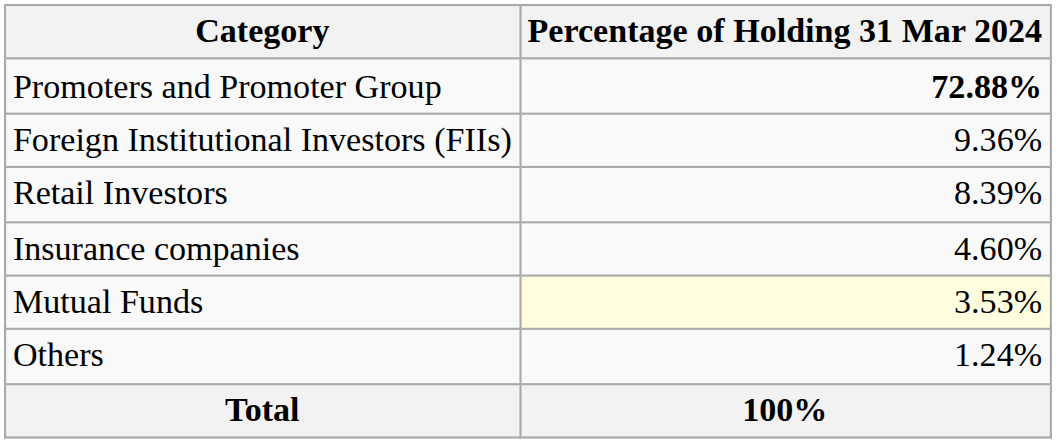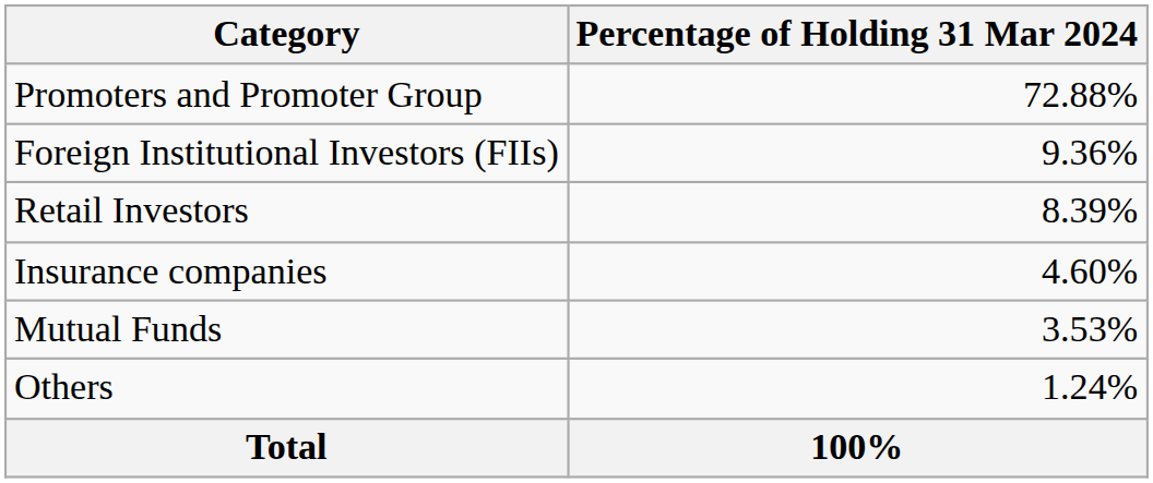 <table class="wikitable">
 <tr>
 <th>Category</th>
 <th align="right">Percentage of Holding 31 Mar 2024 </th>
 </tr>
 <tr>
 <td>Promoters and Promoter Group</td>
-<td align="right"><strong>72.88%</strong></td>
+<td align="right">72.88%</td>
 </tr>
 <tr>
 <td>Foreign Institutional Investors (FIIs)</td>
 <td align="right">9.36%</td>
 </tr>
 <tr>
 <td>Retail Investors</td>
 <td align="right">8.39%</td>
 </tr>
 <tr>
 <td>Insurance companies</td>
 <td align="right">4.60%</td>
 </tr>
 <tr>
 <td>Mutual Funds</td>
-<td align="right" style="background: lightyellow;">3.53%</td>
+<td align="right">3.53%</td>
 </tr>
 <tr>
 <td>Others</td>
 <td align="right">1.24%</td>
 </tr>
 <tr>
 <th>Total</th>
 <th align="right">100%</th>
 </tr>
 </table>
